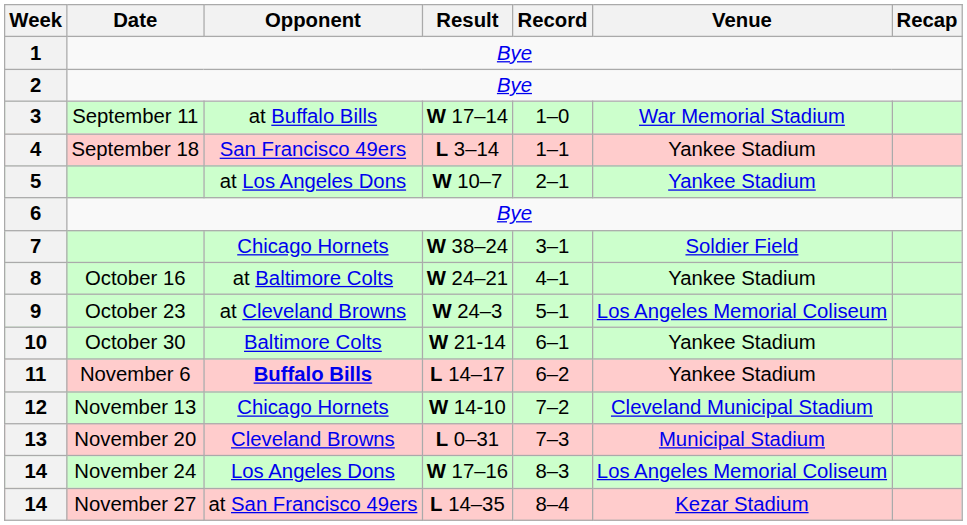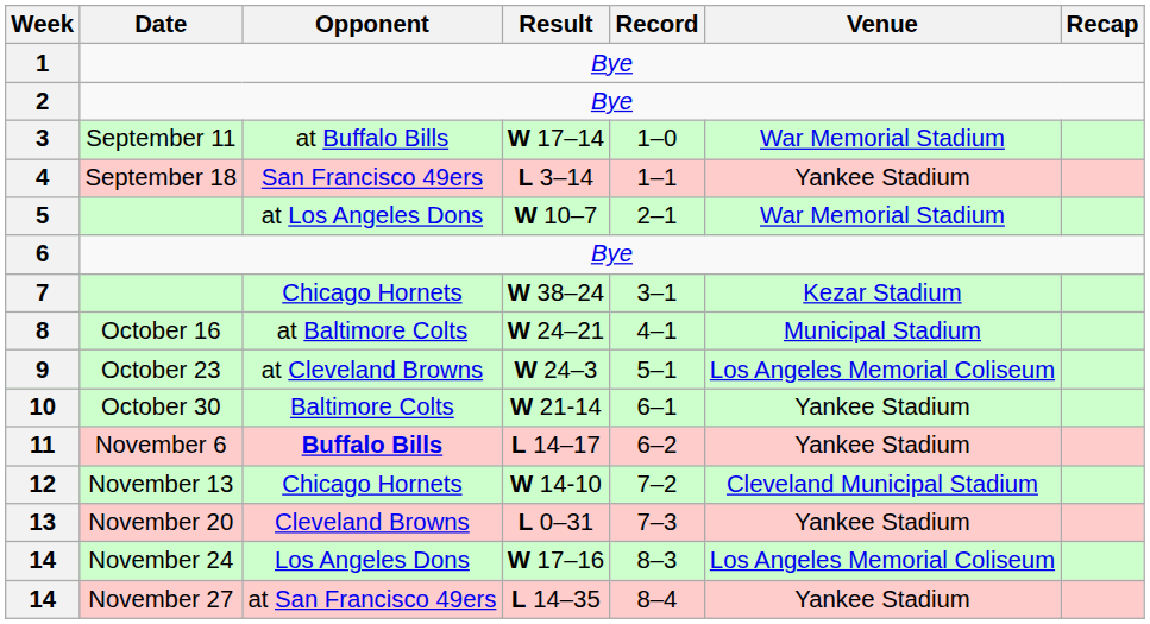 <table class="wikitable" style="text-align:center">
 <tr>
 <th>Week</th>
 <th>Date</th>
 <th>Opponent</th>
 <th>Result</th>
 <th>Record</th>
 <th>Venue</th>
 <th>Recap</th>
 </tr>
 <tr>
 <th>1</th>
 <td colspan="6"><em><a href='#'>Bye</a></em></td>
 </tr>
 <tr>
 <th>2</th>
 <td colspan="6"><em><a href='#'>Bye</a></em></td>
 </tr>
 <tr style="background: #cfc;">
 <th>3</th>
 <td>September 11</td>
 <td>at <a href='#'>Buffalo Bills</a></td>
 <td><strong>W</strong> 17–14</td>
 <td>1–0</td>
 <td><a href='#'>War Memorial Stadium</a></td>
 <td></td>
 </tr>
 <tr style="background: #fcc;">
 <th>4</th>
 <td>September 18</td>
 <td><a href='#'>San Francisco 49ers</a></td>
 <td><strong>L</strong> 3–14</td>
 <td>1–1</td>
 <td>Yankee Stadium</td>
 <td></td>
 </tr>
 <tr style="background: #cfc;">
 <th>5</th>
 <td></td>
 <td>at <a href='#'>Los Angeles Dons</a></td>
 <td><strong>W</strong> 10–7</td>
 <td>2–1</td>
-<td><a href='#'>Yankee Stadium</a></td>
+<td><a href='#'>War Memorial Stadium</a></td>
 <td></td>
 </tr>
 <tr>
 <th>6</th>
 <td colspan="6"><em><a href='#'>Bye</a></em></td>
 </tr>
 <tr style="background: #cfc;">
 <th>7</th>
 <td></td>
 <td><a href='#'>Chicago Hornets</a></td>
 <td><strong>W</strong> 38–24</td>
 <td>3–1</td>
-<td><a href='#'>Soldier Field</a></td>
+<td><a href='#'>Kezar Stadium</a></td>
 <td></td>
 </tr>
 <tr style="background: #cfc;">
 <th>8</th>
 <td>October 16</td>
 <td>at <a href='#'>Baltimore Colts</a></td>
 <td><strong>W</strong> 24–21</td>
 <td>4–1</td>
-<td>Yankee Stadium</td>
+<td><a href='#'>Municipal Stadium</a></td>
 <td></td>
 </tr>
 <tr style="background: #cfc;">
 <th>9</th>
 <td>October 23</td>
 <td>at <a href='#'>Cleveland Browns</a></td>
 <td><strong>W</strong> 24–3</td>
 <td>5–1</td>
 <td><a href='#'>Los Angeles Memorial Coliseum</a></td>
 <td></td>
 </tr>
 <tr style="background: #cfc;">
 <th>10</th>
 <td>October 30</td>
 <td><a href='#'>Baltimore Colts</a></td>
 <td><strong>W</strong> 21-14</td>
 <td>6–1</td>
 <td>Yankee Stadium</td>
 <td></td>
 </tr>
 <tr style="background: #fcc;">
 <th>11</th>
 <td>November 6</td>
 <td><strong><a href='#'>Buffalo Bills</a></strong></td>
 <td><strong>L</strong> 14–17</td>
 <td>6–2</td>
 <td>Yankee Stadium</td>
 <td></td>
 </tr>
 <tr style="background: #cfc;">
 <th>12</th>
 <td>November 13</td>
 <td><a href='#'>Chicago Hornets</a></td>
 <td><strong>W</strong> 14-10</td>
 <td>7–2</td>
 <td><a href='#'>Cleveland Municipal Stadium</a></td>
 <td></td>
 </tr>
 <tr style="background: #fcc;">
 <th>13</th>
 <td>November 20</td>
 <td><a href='#'>Cleveland Browns</a></td>
 <td><strong>L</strong> 0–31</td>
 <td>7–3</td>
-<td><a href='#'>Municipal Stadium</a></td>
+<td>Yankee Stadium</td>
 <td></td>
 </tr>
 <tr style="background: #cfc;">
 <th>14</th>
 <td>November 24</td>
 <td><a href='#'>Los Angeles Dons</a></td>
 <td><strong>W</strong> 17–16</td>
 <td>8–3</td>
 <td><a href='#'>Los Angeles Memorial Coliseum</a></td>
 <td></td>
 </tr>
 <tr style="background: #fcc;">
 <th>14</th>
 <td>November 27</td>
 <td>at <a href='#'>San Francisco 49ers</a></td>
 <td><strong>L</strong> 14–35</td>
 <td>8–4</td>
-<td><a href='#'>Kezar Stadium</a></td>
+<td>Yankee Stadium</td>
 <td></td>
 </tr>
 </table>
